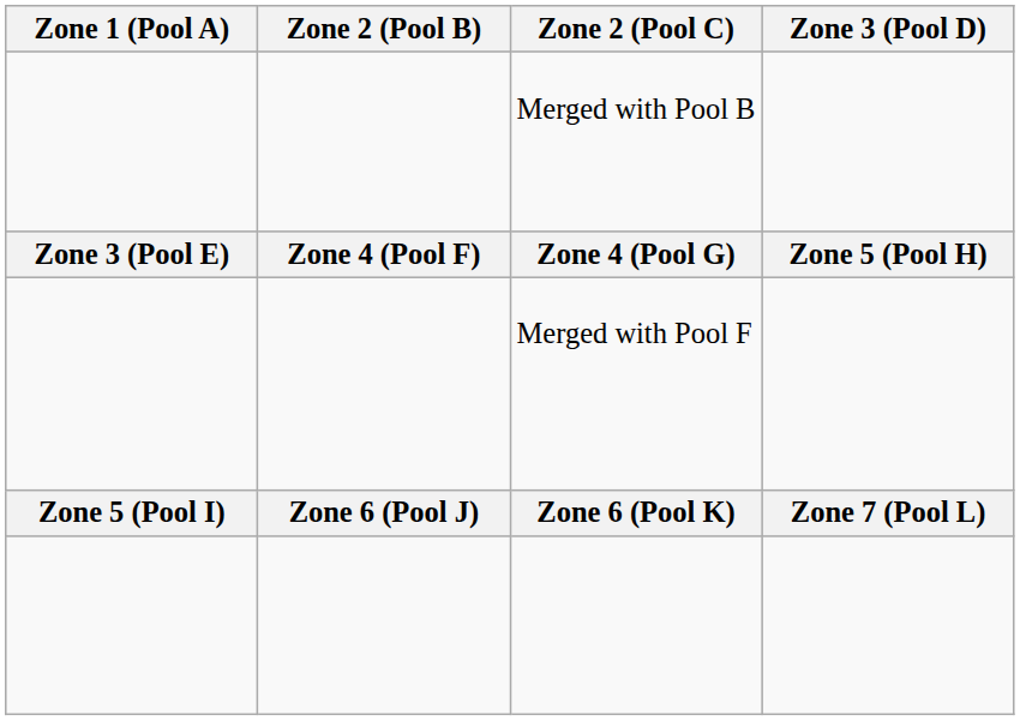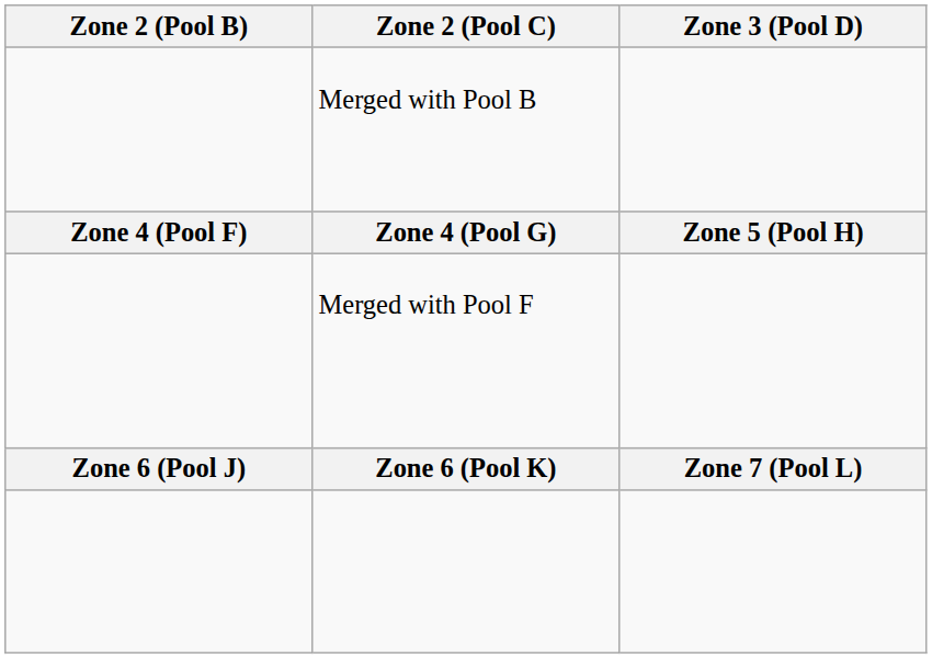 <table class="wikitable">
 <tr>
-<th width=25%>Zone 1 (Pool A)</th>
 <th width=25%>Zone 2 (Pool B)</th>
 <th width=25%>Zone 2 (Pool C)</th>
 <th width=25%>Zone 3 (Pool D)</th>
 </tr>
 <tr>
-<td valign=top><br><br> <br> <br> </td>
 <td valign=top><br><br> <s></s><br> <s></s><br> <br> </td>
 <td valign=top><br>Merged with Pool B</td>
 <td valign=top><br><br> <br> <br> <s></s></td>
 </tr>
 <tr>
-<th>Zone 3 (Pool E)</th>
 <th>Zone 4 (Pool F)</th>
 <th>Zone 4 (Pool G)</th>
 <th>Zone 5 (Pool H)</th>
 </tr>
 <tr>
-<td valign=top><br><s></s><br> <br> <br> </td>
 <td valign=top><br><br> <s></s><br> <br> <br> <s></s><br> </td>
 <td valign=top><br>Merged with Pool F</td>
 <td valign=top><br><br> <br> <br> </td>
 </tr>
 <tr>
-<th>Zone 5 (Pool I)</th>
 <th>Zone 6 (Pool J)</th>
 <th>Zone 6 (Pool K)</th>
 <th>Zone 7 (Pool L)</th>
 </tr>
 <tr>
-<td valign=top><br><br> <s></s><br> <br> <s></s></td>
 <td valign=top><br><br> <br> <br> <s></s><br> </td>
 <td valign=top><br><br> <br> <br> </td>
 <td valign=top><br><s></s><br> <s></s><br> <br> </td>
 </tr>
 </table>
